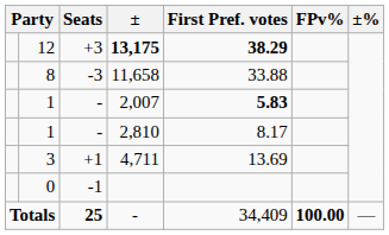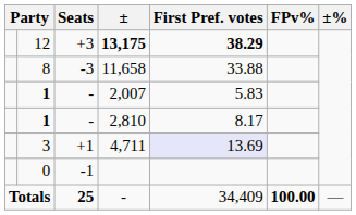 <table class=wikitable>
 <tr>
 <th colspan=2 align=center>Party</th>
 <th valign=top>Seats</th>
 <th valign=top>±</th>
 <th valign=top>First Pref. votes</th>
 <th valign=top>FPv%</th>
 <th valign=top>±%</th>
 </tr>
 <tr>
 <td></td>
 <td align=right>12</td>
 <td align=right>+3</td>
 <td align=right><strong>13,175</strong></td>
 <td align=right><strong>38.29</strong></td>
 <td align=right></td>
 </tr>
 <tr>
 <td></td>
 <td align=right>8</td>
 <td align=right>-3</td>
 <td align=right>11,658</td>
 <td align=right>33.88</td>
 <td align=right></td>
 </tr>
 <tr>
 <td></td>
-<td align=right>1</td>
+<td align=right><strong>1</strong></td>
 <td align=right>-</td>
 <td align=right>2,007</td>
-<td align=right><strong>5.83</strong></td>
+<td align=right>5.83</td>
 <td align=right></td>
 </tr>
 <tr>
 <td></td>
-<td align=right>1</td>
+<td align=right><strong>1</strong></td>
 <td align=right>-</td>
 <td align=right>2,810</td>
 <td align=right>8.17</td>
 <td align=right></td>
 </tr>
 <tr>
 <td></td>
 <td align=right>3</td>
 <td align=right>+1</td>
 <td align=right>4,711</td>
-<td align=right>13.69</td>
+<td align=right style="background: lavender;">13.69</td>
 <td align=right></td>
 </tr>
 <tr>
 <td></td>
 <td align=right>0</td>
 <td align=right>-1</td>
 <td align=right></td>
 <td align=right></td>
 <td align=right></td>
 </tr>
 <tr>
 <td colspan=2 align=center><strong>Totals</strong></td>
 <td align=right><strong>25</strong></td>
 <td align=center>-</td>
 <td align=right>34,409</td>
 <td align=center><strong>100.00</strong></td>
 <td align=center>—</td>
 </tr>
 </table>
